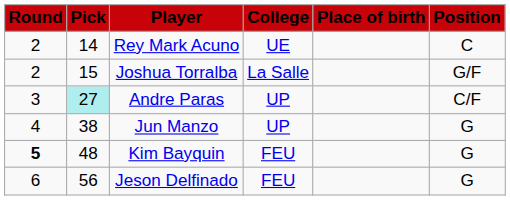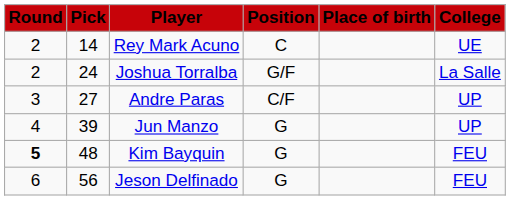 <table class="wikitable sortable sortable" style="text-align:center">
 <tr>
 <th style="background:#C70309; color:#000000; ">Round</th>
 <th style="background:#C70309; color:#000000; ">Pick</th>
 <th style="background:#C70309; color:#000000; ">Player</th>
+<th style="background:#C70309; color:#000000; ">Position</th>
+<th style="background:#C70309; color:#000000; ">Place of birth</th>
 <th style="background:#C70309; color:#000000; ">College</th>
-<th style="background:#C70309; color:#000000; ">Place of birth</th>
-<th style="background:#C70309; color:#000000; ">Position</th>
 </tr>
 <tr>
 <td>2</td>
 <td>14</td>
 <td><a href='#'>Rey Mark Acuno</a></td>
+<td>C</td>
+<td></td>
 <td><a href='#'>UE</a></td>
-<td></td>
-<td>C</td>
 </tr>
 <tr>
 <td>2</td>
-<td>15</td>
+<td>24</td>
 <td><a href='#'>Joshua Torralba</a></td>
+<td>G/F</td>
+<td></td>
 <td><a href='#'>La Salle</a></td>
-<td></td>
-<td>G/F</td>
 </tr>
 <tr>
 <td>3</td>
-<td style="background: paleturquoise;">27</td>
+<td>27</td>
 <td><a href='#'>Andre Paras</a></td>
+<td>C/F</td>
+<td></td>
 <td><a href='#'>UP</a></td>
-<td></td>
-<td>C/F</td>
 </tr>
 <tr>
 <td>4</td>
-<td>38</td>
+<td>39</td>
 <td><a href='#'>Jun Manzo</a></td>
+<td>G</td>
+<td></td>
 <td><a href='#'>UP</a></td>
-<td></td>
-<td>G</td>
 </tr>
 <tr>
 <td><strong>5</strong></td>
 <td>48</td>
 <td><a href='#'>Kim Bayquin</a></td>
+<td>G</td>
+<td></td>
 <td><a href='#'>FEU</a></td>
-<td></td>
-<td>G</td>
 </tr>
 <tr>
 <td>6</td>
 <td>56</td>
 <td><a href='#'>Jeson Delfinado</a></td>
+<td>G</td>
+<td></td>
 <td><a href='#'>FEU</a></td>
-<td></td>
-<td>G</td>
 </tr>
 </table>
